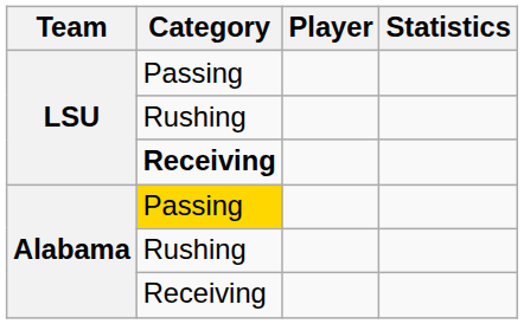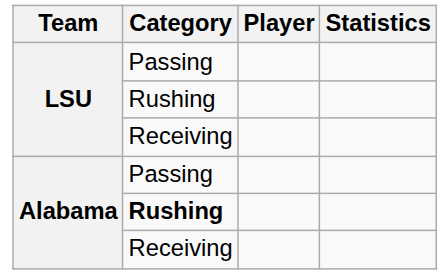 <table class="wikitable" style="float:right">
 <tr>
 <th>Team</th>
 <th>Category</th>
 <th>Player</th>
 <th>Statistics</th>
 </tr>
 <tr>
 <th rowspan=3>LSU</th>
 <td>Passing</td>
 <td></td>
 <td></td>
 </tr>
 <tr>
 <td>Rushing</td>
 <td></td>
 <td></td>
 </tr>
 <tr>
-<td><strong>Receiving</strong></td>
+<td>Receiving</td>
 <td></td>
 <td></td>
 </tr>
 <tr>
 <th rowspan=3>Alabama</th>
-<td style="background: gold;">Passing</td>
+<td>Passing</td>
 <td></td>
 <td></td>
 </tr>
 <tr>
-<td>Rushing</td>
+<td><strong>Rushing</strong></td>
 <td></td>
 <td></td>
 </tr>
 <tr>
 <td>Receiving</td>
 <td></td>
 <td></td>
 </tr>
 </table>
